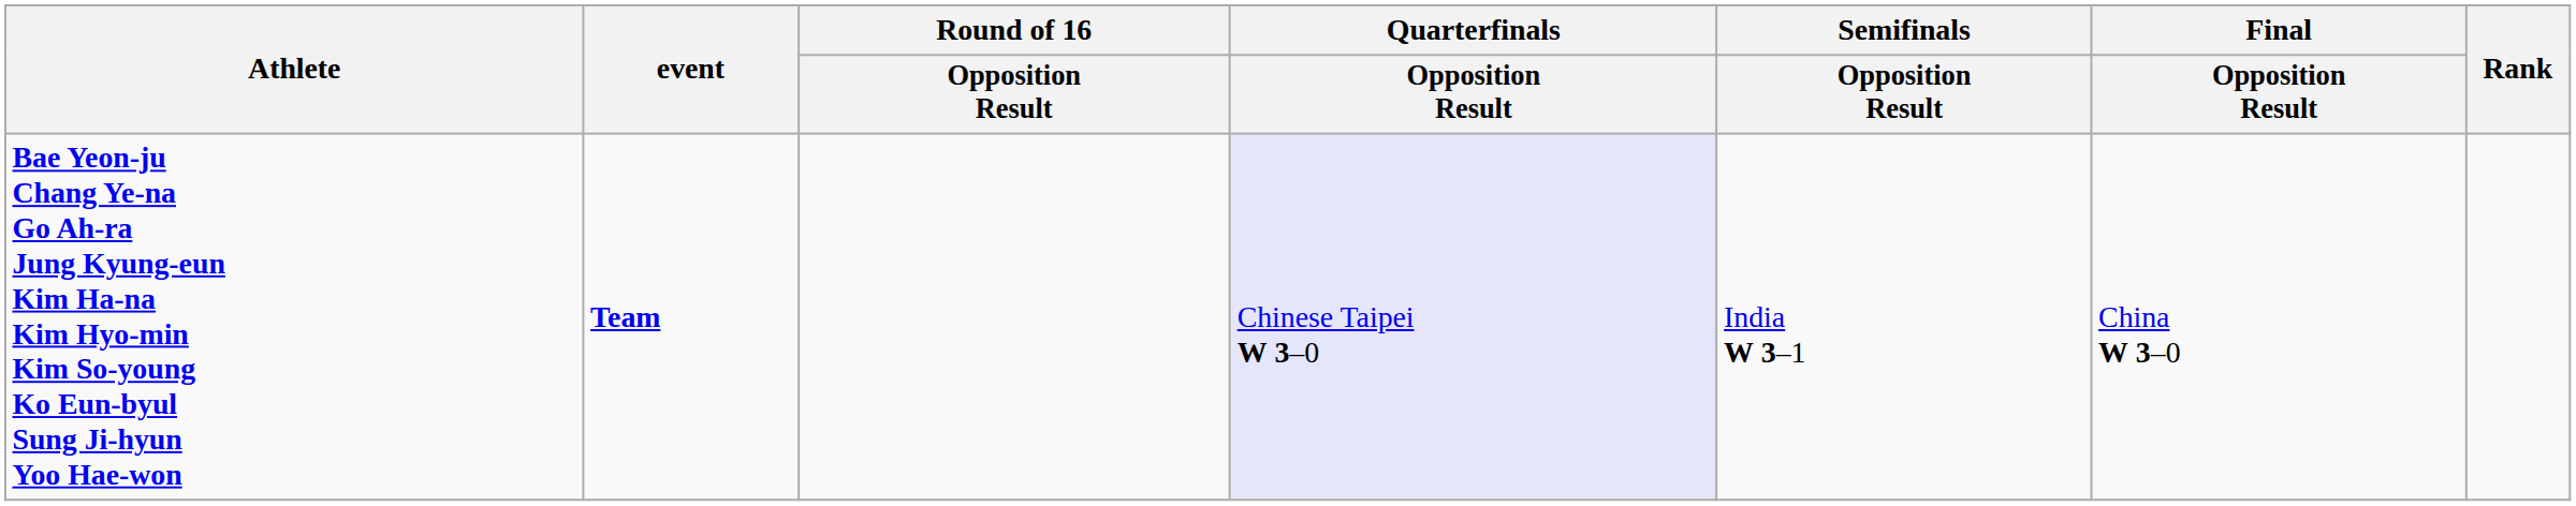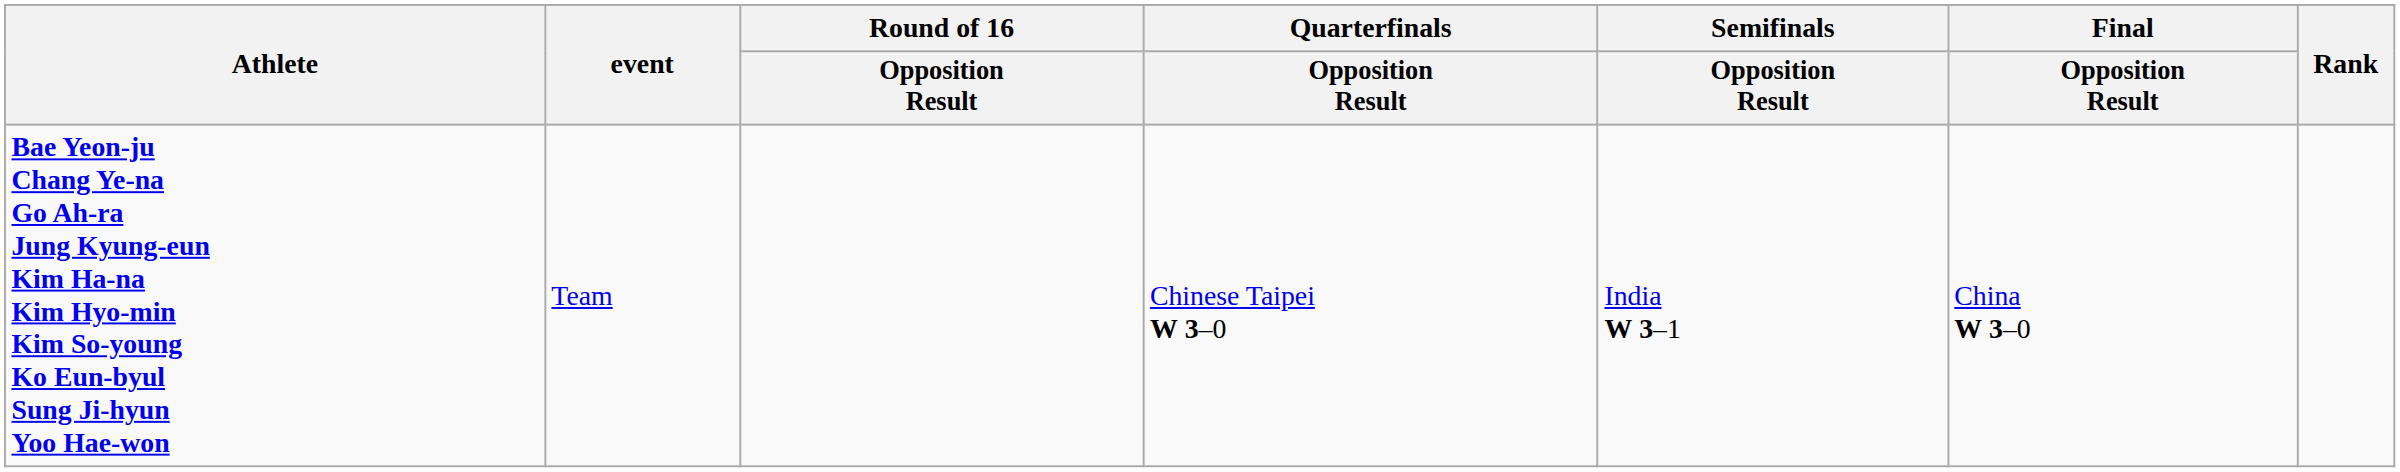 <table class="wikitable" width="98%" style="text-align:left; font-size:90%">
 <tr>
 <th rowspan=2>Athlete</th>
 <th rowspan=2>event</th>
 <th>Round of 16</th>
 <th>Quarterfinals</th>
 <th>Semifinals</th>
 <th>Final</th>
 <th rowspan=2 width="43px">Rank</th>
 </tr>
 <tr style="font-size:95%">
 <th>Opposition<br>Result</th>
 <th>Opposition<br>Result</th>
 <th>Opposition<br>Result</th>
 <th>Opposition<br>Result</th>
 </tr>
 <tr>
 <td><strong><a href='#'>Bae Yeon-ju</a><br><a href='#'>Chang Ye-na</a><br><a href='#'>Go Ah-ra</a><br><a href='#'>Jung Kyung-eun</a><br><a href='#'>Kim Ha-na</a><br><a href='#'>Kim Hyo-min</a><br><a href='#'>Kim So-young</a><br><a href='#'>Ko Eun-byul</a><br><a href='#'>Sung Ji-hyun</a><br><a href='#'>Yoo Hae-won</a></strong></td>
-<td><strong><a href='#'>Team</a></strong></td>
+<td><a href='#'>Team</a></td>
 <td></td>
-<td style="background: lavender;"><br><a href='#'>Chinese Taipei</a><br><strong>W</strong> <strong>3</strong>–0</td>
+<td><br><a href='#'>Chinese Taipei</a><br><strong>W</strong> <strong>3</strong>–0</td>
 <td><br><a href='#'>India</a><br><strong>W</strong> <strong>3</strong>–1</td>
 <td><br><a href='#'>China</a><br><strong>W</strong> <strong>3</strong>–0</td>
 <td align=center></td>
 </tr>
 </table>
